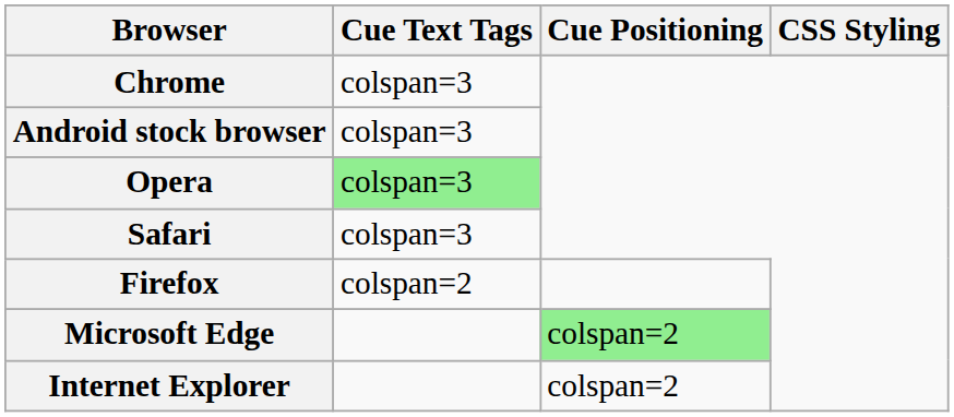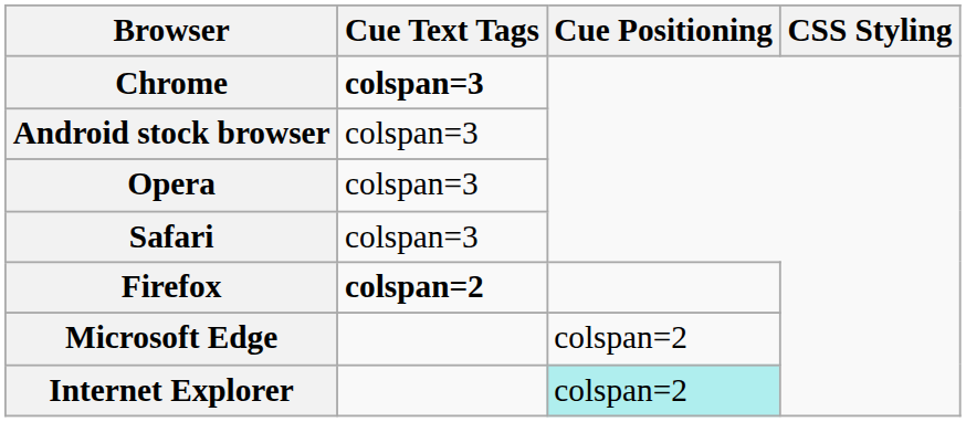 <table class="wikitable">
 <tr>
 <th>Browser</th>
 <th>Cue Text Tags</th>
 <th>Cue Positioning</th>
 <th>CSS Styling</th>
 </tr>
 <tr>
 <th>Chrome</th>
-<td>colspan=3 </td>
+<td><strong>colspan=3 </strong></td>
 </tr>
 <tr>
 <th>Android stock browser</th>
 <td>colspan=3 </td>
 </tr>
 <tr>
 <th>Opera</th>
-<td style="background: lightgreen;">colspan=3 </td>
+<td>colspan=3 </td>
 </tr>
 <tr>
 <th>Safari</th>
 <td>colspan=3 </td>
 </tr>
 <tr>
 <th>Firefox</th>
-<td>colspan=2 </td>
+<td><strong>colspan=2 </strong></td>
 <td></td>
 </tr>
 <tr>
 <th>Microsoft Edge</th>
 <td></td>
-<td style="background: lightgreen;">colspan=2 </td>
+<td>colspan=2 </td>
 </tr>
 <tr>
 <th title="on Windows and Windows Phone">Internet Explorer</th>
 <td></td>
-<td>colspan=2 </td>
+<td style="background: paleturquoise;">colspan=2 </td>
 </tr>
 </table>
